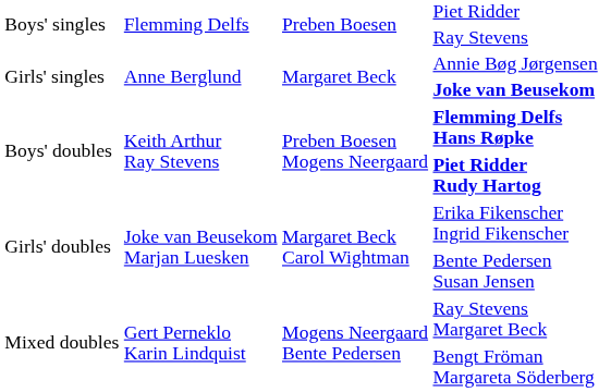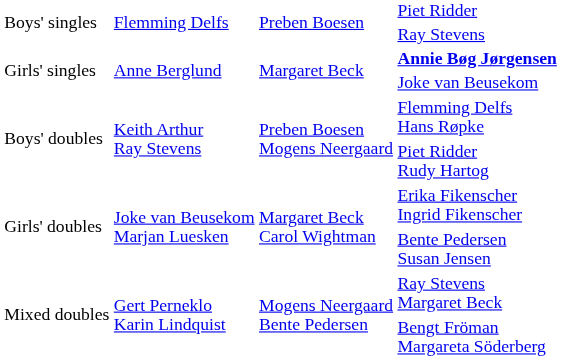 <table>
 <tr>
 <td rowspan=2>Boys' singles</td>
 <td rowspan=2> <a href='#'>Flemming Delfs</a></td>
 <td rowspan=2> <a href='#'>Preben Boesen</a></td>
 <td> <a href='#'>Piet Ridder</a></td>
 </tr>
 <tr>
 <td> <a href='#'>Ray Stevens</a></td>
 </tr>
 <tr>
 <td rowspan=2>Girls' singles</td>
 <td rowspan=2> <a href='#'>Anne Berglund</a></td>
 <td rowspan=2> <a href='#'>Margaret Beck</a></td>
-<td> <a href='#'>Annie Bøg Jørgensen</a></td>
+<td><strong> <a href='#'>Annie Bøg Jørgensen</a></strong></td>
 </tr>
 <tr>
-<td><strong> <a href='#'>Joke van Beusekom</a></strong></td>
+<td> <a href='#'>Joke van Beusekom</a></td>
 </tr>
 <tr>
 <td rowspan=2>Boys' doubles</td>
 <td rowspan=2> <a href='#'>Keith Arthur</a> <br>  <a href='#'>Ray Stevens</a></td>
 <td rowspan=2> <a href='#'>Preben Boesen</a> <br>  <a href='#'>Mogens Neergaard</a></td>
-<td><strong> <a href='#'>Flemming Delfs</a> <br>  <a href='#'>Hans Røpke</a></strong></td>
+<td> <a href='#'>Flemming Delfs</a> <br>  <a href='#'>Hans Røpke</a></td>
 </tr>
 <tr>
-<td><strong> <a href='#'>Piet Ridder</a> <br>  <a href='#'>Rudy Hartog</a></strong></td>
+<td> <a href='#'>Piet Ridder</a> <br>  <a href='#'>Rudy Hartog</a></td>
 </tr>
 <tr>
 <td rowspan=2>Girls' doubles</td>
 <td rowspan=2> <a href='#'>Joke van Beusekom</a> <br>  <a href='#'>Marjan Luesken</a></td>
 <td rowspan=2> <a href='#'>Margaret Beck</a> <br>  <a href='#'>Carol Wightman</a></td>
 <td> <a href='#'>Erika Fikenscher</a> <br>  <a href='#'>Ingrid Fikenscher</a></td>
 </tr>
 <tr>
 <td> <a href='#'>Bente Pedersen</a> <br>  <a href='#'>Susan Jensen</a></td>
 </tr>
 <tr>
 <td rowspan=2>Mixed doubles</td>
 <td rowspan=2> <a href='#'>Gert Perneklo</a> <br>  <a href='#'>Karin Lindquist</a></td>
 <td rowspan=2> <a href='#'>Mogens Neergaard</a> <br>  <a href='#'>Bente Pedersen</a></td>
 <td> <a href='#'>Ray Stevens</a> <br>  <a href='#'>Margaret Beck</a></td>
 </tr>
 <tr>
 <td> <a href='#'>Bengt Fröman</a> <br>  <a href='#'>Margareta Söderberg</a></td>
 </tr>
 </table>
